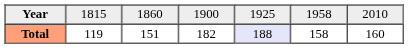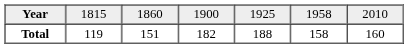 <table border="1" cellpadding="2" cellspacing="0" width="500">
 <tr bgcolor="#eeeeee" align="center">
 <td><strong>Year</strong></td>
 <td>1815</td>
 <td>1860</td>
 <td>1900</td>
 <td>1925</td>
 <td>1958</td>
 <td>2010</td>
 </tr>
 <tr align="center">
-<td style="background: lightsalmon;"><strong>Total</strong></td>
+<td><strong>Total</strong></td>
 <td>119</td>
 <td>151</td>
 <td>182</td>
-<td style="background: lavender;">188</td>
+<td>188</td>
 <td>158</td>
 <td>160</td>
 </tr>
 </table>
